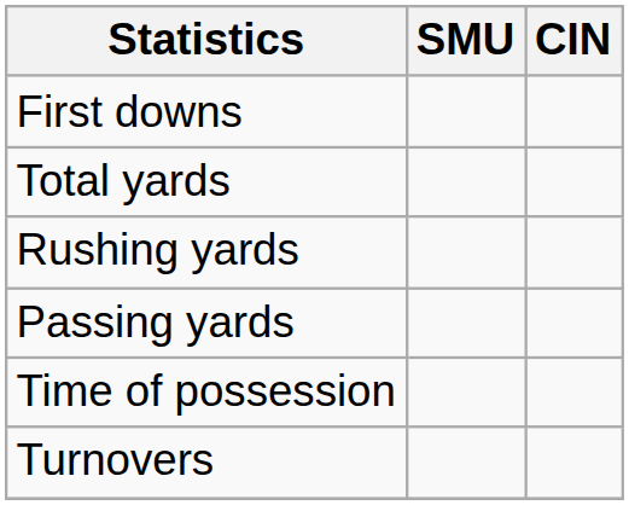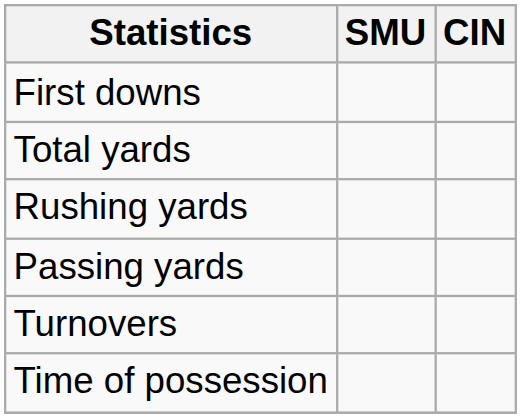 <table class="wikitable">
 <tr>
 <th>Statistics</th>
 <th>SMU</th>
 <th>CIN</th>
 </tr>
 <tr>
 <td>First downs</td>
 <td></td>
 <td></td>
 </tr>
 <tr>
 <td>Total yards</td>
 <td></td>
 <td></td>
 </tr>
 <tr>
 <td>Rushing yards</td>
 <td></td>
 <td></td>
 </tr>
 <tr>
 <td>Passing yards</td>
 <td></td>
 <td></td>
 </tr>
 <tr>
-<td>Time of possession</td>
+<td>Turnovers</td>
 <td></td>
 <td></td>
 </tr>
 <tr>
-<td>Turnovers</td>
+<td>Time of possession</td>
 <td></td>
 <td></td>
 </tr>
 <tr>
 </tr>
 </table>
